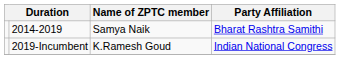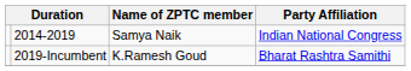 <table class="wikitable">
 <tr>
 <th colspan="2">Duration</th>
 <th>Name of ZPTC member</th>
 <th>Party Affiliation</th>
 </tr>
 <tr>
 <td style="background-color: "></td>
 <td>2014-2019</td>
 <td>Samya Naik</td>
-<td><a href='#'>Bharat Rashtra Samithi</a></td>
+<td><a href='#'>Indian National Congress</a></td>
 </tr>
 <tr>
 <td style="background-color: "></td>
 <td>2019-Incumbent</td>
 <td>K.Ramesh Goud </td>
-<td><a href='#'>Indian National Congress</a></td>
+<td><a href='#'>Bharat Rashtra Samithi</a></td>
 </tr>
 <tr>
 </tr>
 </table>
